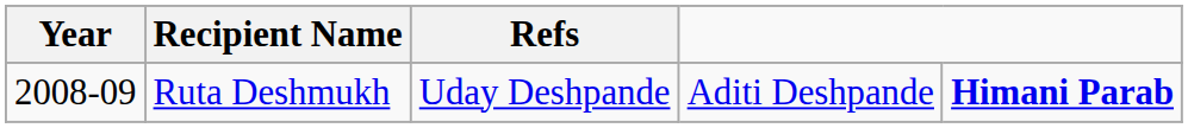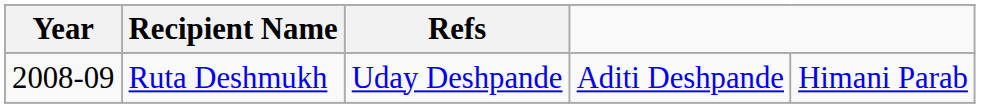 <table class="wikitable plainrowheaders sortable">
 <tr>
 <th>Year</th>
 <th>Recipient Name</th>
 <th>Refs</th>
 </tr>
 <tr>
 <td>2008-09</td>
 <td><a href='#'>Ruta Deshmukh</a></td>
 <td><a href='#'>Uday Deshpande</a></td>
 <td><a href='#'>Aditi Deshpande</a></td>
-<td><strong><a href='#'>Himani Parab</a><br></strong></td>
+<td><a href='#'>Himani Parab</a><br></td>
 </tr>
 </table>
